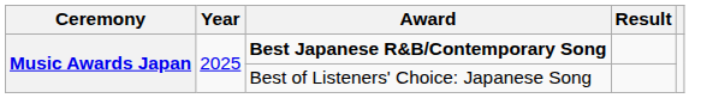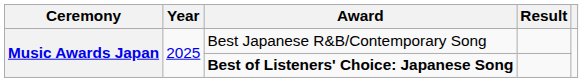 <table class="wikitable plainrowheaders">
 <tr>
 <th scope="col">Ceremony</th>
 <th scope="col">Year</th>
 <th scope="col">Award</th>
 <th scope="col">Result</th>
 <th scope="col" class="unsortable"></th>
 </tr>
 <tr>
 <th scope="row" rowspan="2"><a href='#'>Music Awards Japan</a></th>
 <td style="text-align:center" rowspan="2"><a href='#'>2025</a></td>
-<td><strong>Best Japanese R&B/Contemporary Song</strong></td>
+<td>Best Japanese R&B/Contemporary Song</td>
 <td></td>
 <td style="text-align:center" rowspan="2"></td>
 </tr>
 <tr>
-<td>Best of Listeners' Choice: Japanese Song</td>
+<td><strong>Best of Listeners' Choice: Japanese Song</strong></td>
 <td></td>
 </tr>
 </table>
